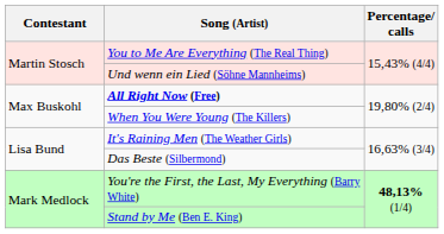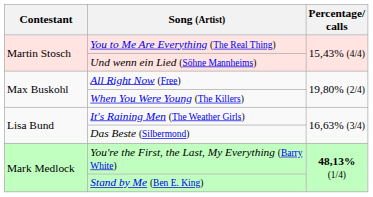 <table class="wikitable">
 <tr>
 <th width="110">Contestant</th>
 <th width="300">Song <small>(Artist)</small></th>
 <th width="28">Percentage/<br>calls</th>
 </tr>
 <tr bgcolor="#FFE4E1">
 <td align="left" rowspan="2">Martin Stosch</td>
 <td align="left"><em><a href='#'>You to Me Are Everything</a></em> <small>(<a href='#'>The Real Thing</a>)</small></td>
 <td align="center" rowspan="2">15,43% <small>(4/4)</small></td>
 </tr>
 <tr bgcolor="#FFE4E1">
 <td align="left"><em>Und wenn ein Lied</em> <small>(<a href='#'>Söhne Mannheims</a>)</small></td>
 </tr>
 <tr>
 <td align="left" rowspan="2">Max Buskohl</td>
-<td align="left"><strong><em><a href='#'>All Right Now</a></em> <small>(<a href='#'>Free</a>)</small></strong></td>
+<td align="left"><em><a href='#'>All Right Now</a></em> <small>(<a href='#'>Free</a>)</small></td>
 <td align="center" rowspan="2">19,80% <small>(2/4)</small></td>
 </tr>
 <tr>
 <td align="left"><em><a href='#'>When You Were Young</a></em> <small>(<a href='#'>The Killers</a>)</small></td>
 </tr>
 <tr>
 <td align="left" rowspan="2">Lisa Bund</td>
 <td align="left"><em><a href='#'>It's Raining Men</a></em> <small>(<a href='#'>The Weather Girls</a>)</small></td>
 <td align="center" rowspan="2">16,63% <small>(3/4)</small></td>
 </tr>
 <tr>
 <td align="left"><em>Das Beste</em> <small>(<a href='#'>Silbermond</a>)</small></td>
 </tr>
 <tr bgcolor="#C1FFC1">
 <td align="left" rowspan="2">Mark Medlock</td>
 <td align="left"><em>You're the First, the Last, My Everything</em> <small>(<a href='#'>Barry White</a>)</small></td>
 <td align="center" rowspan="2"><strong>48,13%</strong> <small>(1/4)</small></td>
 </tr>
 <tr bgcolor="#C1FFC1">
 <td align="left"><em><a href='#'>Stand by Me</a></em> <small>(<a href='#'>Ben E. King</a>)</small></td>
 </tr>
 </table>
